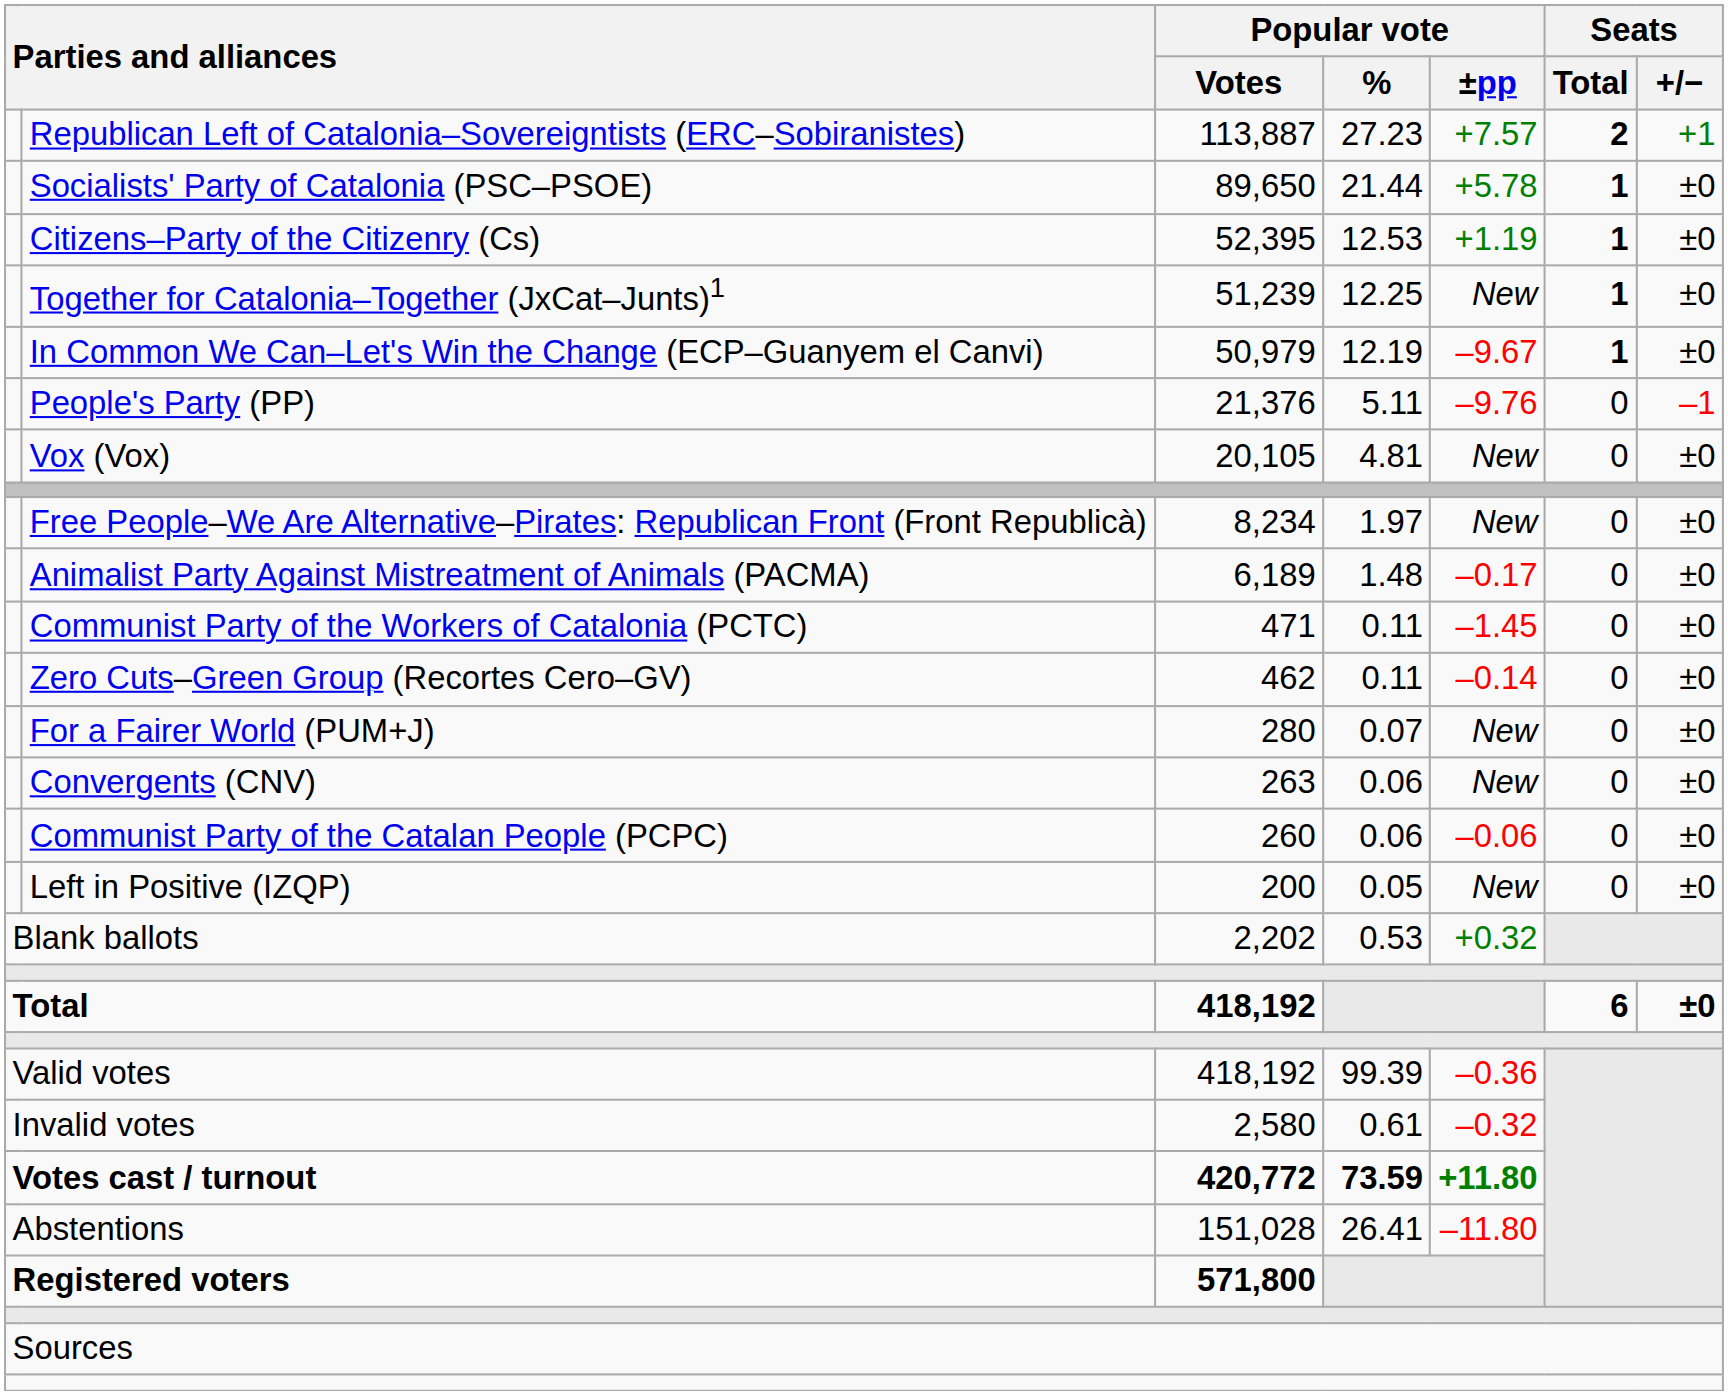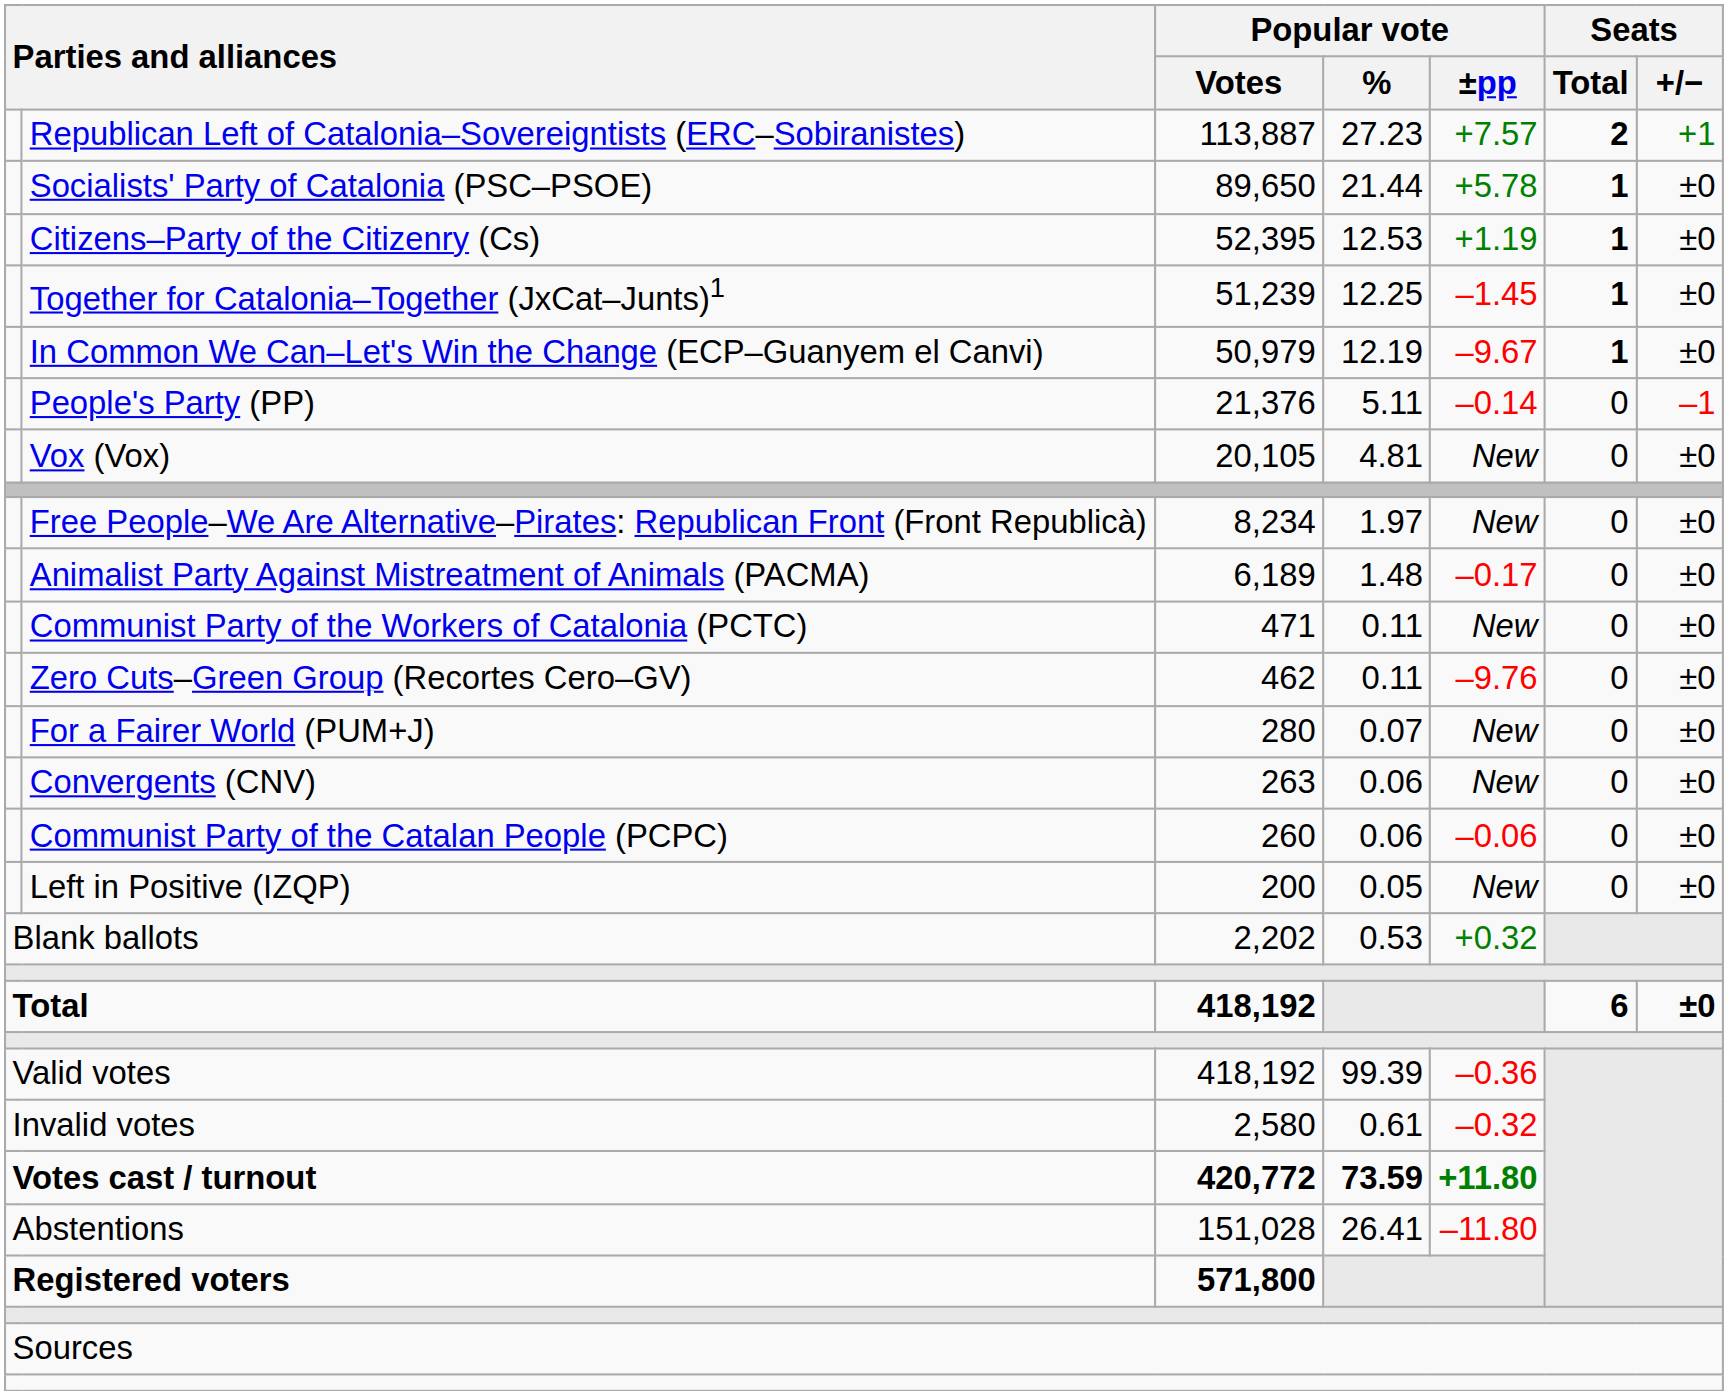 <table class="wikitable" style="text-align:right;">
 <tr>
 <th style="text-align:left;" rowspan="2" colspan="2" width="525">Parties and alliances</th>
 <th colspan="3">Popular vote</th>
 <th colspan="2">Seats</th>
 </tr>
 <tr>
 <th width="75">Votes</th>
 <th width="45">%</th>
 <th width="45">±<a href='#'>pp</a></th>
 <th width="35">Total</th>
 <th width="35">+/−</th>
 </tr>
 <tr>
 <td width="1" style="color:inherit;background:"></td>
 <td align="left"><a href='#'>Republican Left of Catalonia–Sovereigntists</a> (<a href='#'>ERC</a>–<a href='#'>Sobiranistes</a>)</td>
 <td>113,887</td>
 <td>27.23</td>
 <td style="color:green;">+7.57</td>
 <td><strong>2</strong></td>
 <td style="color:green;">+1</td>
 </tr>
 <tr>
 <td style="color:inherit;background:"></td>
 <td align="left"><a href='#'>Socialists' Party of Catalonia</a> (PSC–PSOE)</td>
 <td>89,650</td>
 <td>21.44</td>
 <td style="color:green;">+5.78</td>
 <td><strong>1</strong></td>
 <td>±0</td>
 </tr>
 <tr>
 <td style="color:inherit;background:"></td>
 <td align="left"><a href='#'>Citizens–Party of the Citizenry</a> (Cs)</td>
 <td>52,395</td>
 <td>12.53</td>
 <td style="color:green;">+1.19</td>
 <td><strong>1</strong></td>
 <td>±0</td>
 </tr>
 <tr>
 <td style="color:inherit;background:"></td>
 <td align="left"><a href='#'>Together for Catalonia–Together</a> (JxCat–Junts)<sup>1</sup></td>
 <td>51,239</td>
 <td>12.25</td>
-<td><em>New</em></td>
+<td style="color:red;">–1.45</td>
 <td><strong>1</strong></td>
 <td>±0</td>
 </tr>
 <tr>
 <td style="color:inherit;background:"></td>
 <td align="left"><a href='#'>In Common We Can–Let's Win the Change</a> (ECP–Guanyem el Canvi)</td>
 <td>50,979</td>
 <td>12.19</td>
 <td style="color:red;">–9.67</td>
 <td><strong>1</strong></td>
 <td>±0</td>
 </tr>
 <tr>
 <td style="color:inherit;background:"></td>
 <td align="left"><a href='#'>People's Party</a> (PP)</td>
 <td>21,376</td>
 <td>5.11</td>
-<td style="color:red;">–9.76</td>
+<td style="color:red;">–0.14</td>
 <td>0</td>
 <td style="color:red;">–1</td>
 </tr>
 <tr>
 <td style="color:inherit;background:"></td>
 <td align="left"><a href='#'>Vox</a> (Vox)</td>
 <td>20,105</td>
 <td>4.81</td>
 <td><em>New</em></td>
 <td>0</td>
 <td>±0</td>
 </tr>
 <tr>
 <td colspan="7" bgcolor="#C0C0C0"></td>
 </tr>
 <tr>
 <td style="color:inherit;background:"></td>
 <td align="left"><a href='#'>Free People</a>–<a href='#'>We Are Alternative</a>–<a href='#'>Pirates</a>: <a href='#'>Republican Front</a> (Front Republicà)</td>
 <td>8,234</td>
 <td>1.97</td>
 <td><em>New</em></td>
 <td>0</td>
 <td>±0</td>
 </tr>
 <tr>
 <td style="color:inherit;background:"></td>
 <td align="left"><a href='#'>Animalist Party Against Mistreatment of Animals</a> (PACMA)</td>
 <td>6,189</td>
 <td>1.48</td>
 <td style="color:red;">–0.17</td>
 <td>0</td>
 <td>±0</td>
 </tr>
 <tr>
 <td style="color:inherit;background:"></td>
 <td align="left"><a href='#'>Communist Party of the Workers of Catalonia</a> (PCTC)</td>
 <td>471</td>
 <td>0.11</td>
-<td style="color:red;">–1.45</td>
+<td><em>New</em></td>
 <td>0</td>
 <td>±0</td>
 </tr>
 <tr>
 <td style="color:inherit;background:"></td>
 <td align="left"><a href='#'>Zero Cuts</a>–<a href='#'>Green Group</a> (Recortes Cero–GV)</td>
 <td>462</td>
 <td>0.11</td>
-<td style="color:red;">–0.14</td>
+<td style="color:red;">–9.76</td>
 <td>0</td>
 <td>±0</td>
 </tr>
 <tr>
 <td style="color:inherit;background:"></td>
 <td align="left"><a href='#'>For a Fairer World</a> (PUM+J)</td>
 <td>280</td>
 <td>0.07</td>
 <td><em>New</em></td>
 <td>0</td>
 <td>±0</td>
 </tr>
 <tr>
 <td style="color:inherit;background:"></td>
 <td align="left"><a href='#'>Convergents</a> (CNV)</td>
 <td>263</td>
 <td>0.06</td>
 <td><em>New</em></td>
 <td>0</td>
 <td>±0</td>
 </tr>
 <tr>
 <td style="color:inherit;background:"></td>
 <td align="left"><a href='#'>Communist Party of the Catalan People</a> (PCPC)</td>
 <td>260</td>
 <td>0.06</td>
 <td style="color:red;">–0.06</td>
 <td>0</td>
 <td>±0</td>
 </tr>
 <tr>
 <td style="color:inherit;background:"></td>
 <td align="left">Left in Positive (IZQP)</td>
 <td>200</td>
 <td>0.05</td>
 <td><em>New</em></td>
 <td>0</td>
 <td>±0</td>
 </tr>
 <tr>
 <td align="left" colspan="2">Blank ballots</td>
 <td>2,202</td>
 <td>0.53</td>
 <td style="color:green;">+0.32</td>
 <td bgcolor="#E9E9E9" colspan="2"></td>
 </tr>
 <tr>
 <td colspan="7" bgcolor="#E9E9E9"></td>
 </tr>
 <tr style="font-weight:bold;">
 <td align="left" colspan="2">Total</td>
 <td>418,192</td>
 <td bgcolor="#E9E9E9" colspan="2"></td>
 <td>6</td>
 <td>±0</td>
 </tr>
 <tr>
 <td colspan="7" bgcolor="#E9E9E9"></td>
 </tr>
 <tr>
 <td align="left" colspan="2">Valid votes</td>
 <td>418,192</td>
 <td>99.39</td>
 <td style="color:red;">–0.36</td>
 <td bgcolor="#E9E9E9" colspan="2" rowspan="5"></td>
 </tr>
 <tr>
 <td align="left" colspan="2">Invalid votes</td>
 <td>2,580</td>
 <td>0.61</td>
 <td style="color:red;">–0.32</td>
 </tr>
 <tr style="font-weight:bold;">
 <td align="left" colspan="2">Votes cast / turnout</td>
 <td>420,772</td>
 <td>73.59</td>
 <td style="color:green;">+11.80</td>
 </tr>
 <tr>
 <td align="left" colspan="2">Abstentions</td>
 <td>151,028</td>
 <td>26.41</td>
 <td style="color:red;">–11.80</td>
 </tr>
 <tr style="font-weight:bold;">
 <td align="left" colspan="2">Registered voters</td>
 <td>571,800</td>
 <td bgcolor="#E9E9E9" colspan="2"></td>
 </tr>
 <tr>
 <td colspan="7" bgcolor="#E9E9E9"></td>
 </tr>
 <tr>
 <td align="left" colspan="7">Sources</td>
 </tr>
 <tr>
 <td colspan="7" style="text-align:left; max-width:790px;"></td>
 </tr>
 </table>
